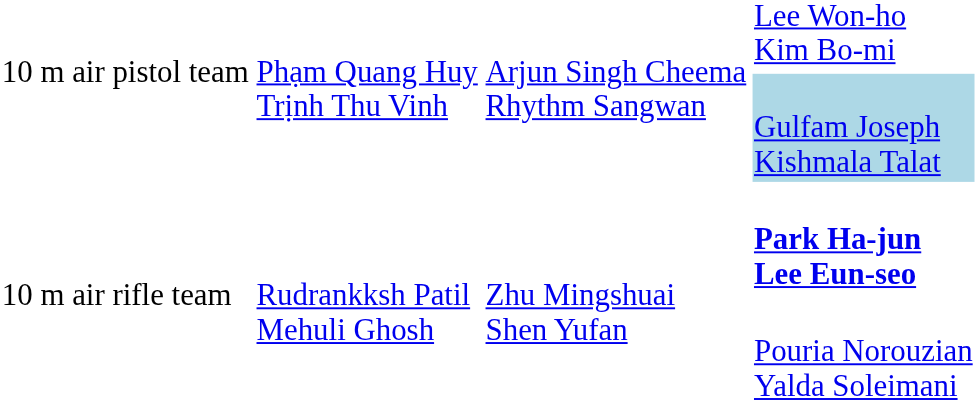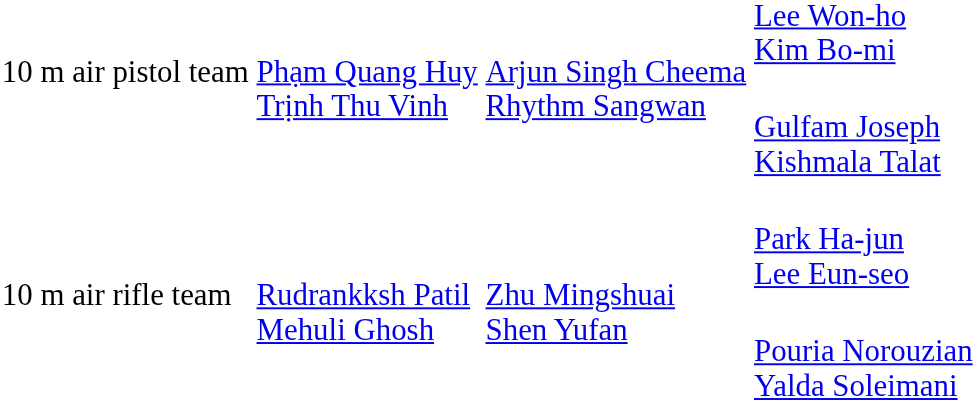 <table>
 <tr>
 <td rowspan=2>10 m air pistol team</td>
 <td rowspan=2><br><a href='#'>Phạm Quang Huy</a><br><a href='#'>Trịnh Thu Vinh</a></td>
 <td rowspan=2><br><a href='#'>Arjun Singh Cheema</a><br><a href='#'>Rhythm Sangwan</a></td>
 <td><br><a href='#'>Lee Won-ho</a><br><a href='#'>Kim Bo-mi</a></td>
 </tr>
 <tr>
-<td style="background: lightblue;"><br><a href='#'>Gulfam Joseph</a><br><a href='#'>Kishmala Talat</a></td>
+<td><br><a href='#'>Gulfam Joseph</a><br><a href='#'>Kishmala Talat</a></td>
 </tr>
 <tr>
 <td rowspan=2>10 m air rifle team</td>
 <td rowspan=2><br><a href='#'>Rudrankksh Patil</a><br><a href='#'>Mehuli Ghosh</a></td>
 <td rowspan=2><br><a href='#'>Zhu Mingshuai</a><br><a href='#'>Shen Yufan</a></td>
-<td><strong><br><a href='#'>Park Ha-jun</a><br><a href='#'>Lee Eun-seo</a></strong></td>
+<td><br><a href='#'>Park Ha-jun</a><br><a href='#'>Lee Eun-seo</a></td>
 </tr>
 <tr>
 <td><br><a href='#'>Pouria Norouzian</a><br><a href='#'>Yalda Soleimani</a></td>
 </tr>
 </table>
